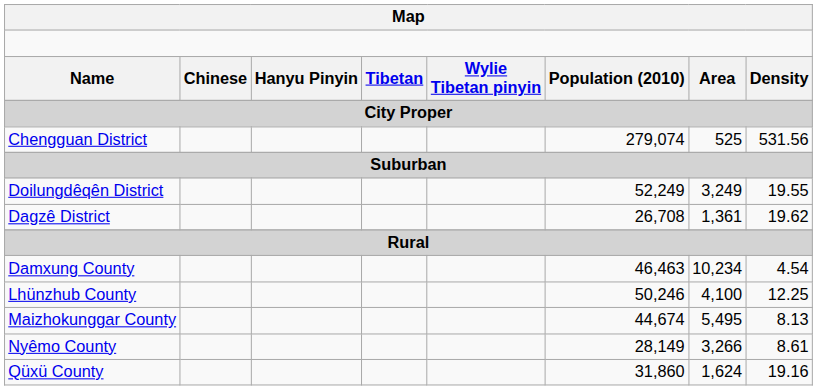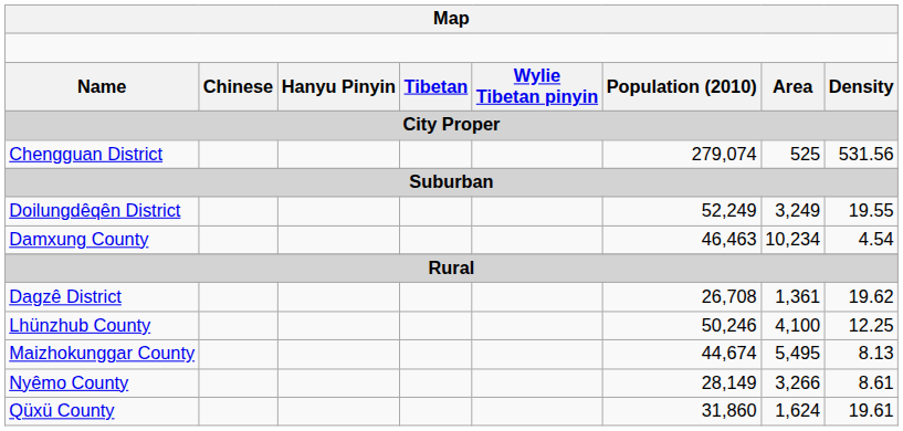 <table class="wikitable">
 <tr>
 <th colspan="8">Map</th>
 </tr>
 <tr>
 <td colspan="8"><div><br>             </div></td>
 </tr>
 <tr>
 <th>Name</th>
 <th>Chinese</th>
 <th>Hanyu Pinyin</th>
 <th><a href='#'>Tibetan</a></th>
 <th><a href='#'>Wylie</a><br><a href='#'>Tibetan pinyin</a></th>
 <th>Population (2010)</th>
 <th>Area </th>
 <th>Density </th>
 </tr>
 <tr>
 </tr>
 <tr style="background:#d3d3d3;">
 <td colspan="8"  style="text-align:center; "><strong>City Proper</strong></td>
 </tr>
 <tr>
 <td><a href='#'>Chengguan District</a></td>
 <td></td>
 <td></td>
 <td></td>
 <td><br></td>
 <td style="text-align:right">279,074</td>
 <td style="text-align:right">525</td>
 <td style="text-align:right">531.56</td>
 </tr>
 <tr>
 </tr>
 <tr style="background:#d3d3d3;">
 <td colspan="8"  style="text-align:center; "><strong>Suburban</strong></td>
 </tr>
 <tr>
 <td><a href='#'>Doilungdêqên District</a></td>
 <td></td>
 <td></td>
 <td></td>
 <td><br></td>
 <td style="text-align:right">52,249</td>
 <td style="text-align:right">3,249</td>
 <td style="text-align:right">19.55</td>
 </tr>
 <tr>
+<td><a href='#'>Damxung County</a></td>
+<td></td>
+<td></td>
+<td></td>
+<td><br></td>
+<td style="text-align:right">46,463</td>
+<td style="text-align:right">10,234</td>
+<td style="text-align:right">4.54</td>
+</tr>
+<tr>
+</tr>
+<tr style="background:#d3d3d3;">
+<td colspan="8"  style="text-align:center; "><strong>Rural</strong></td>
+</tr>
+<tr>
 <td><a href='#'>Dagzê District</a></td>
 <td></td>
 <td></td>
 <td></td>
 <td><br></td>
 <td style="text-align:right">26,708</td>
 <td style="text-align:right">1,361</td>
 <td style="text-align:right">19.62</td>
-</tr>
-<tr>
-</tr>
-<tr style="background:#d3d3d3;">
-<td colspan="8"  style="text-align:center; "><strong>Rural</strong></td>
-</tr>
-<tr>
-<td><a href='#'>Damxung County</a></td>
-<td></td>
-<td></td>
-<td></td>
-<td><br></td>
-<td style="text-align:right">46,463</td>
-<td style="text-align:right">10,234</td>
-<td style="text-align:right">4.54</td>
 </tr>
 <tr>
 <td><a href='#'>Lhünzhub County</a></td>
 <td></td>
 <td></td>
 <td></td>
 <td><br></td>
 <td style="text-align:right">50,246</td>
 <td style="text-align:right">4,100</td>
 <td style="text-align:right">12.25</td>
 </tr>
 <tr>
 <td><a href='#'>Maizhokunggar County</a></td>
 <td></td>
 <td></td>
 <td></td>
 <td><br></td>
 <td style="text-align:right">44,674</td>
 <td style="text-align:right">5,495</td>
 <td style="text-align:right">8.13</td>
 </tr>
 <tr>
 <td><a href='#'>Nyêmo County</a></td>
 <td></td>
 <td></td>
 <td></td>
 <td><br></td>
 <td style="text-align:right">28,149</td>
 <td style="text-align:right">3,266</td>
 <td style="text-align:right">8.61</td>
 </tr>
 <tr>
 <td><a href='#'>Qüxü County</a></td>
 <td></td>
 <td></td>
 <td></td>
 <td><br></td>
 <td style="text-align:right">31,860</td>
 <td style="text-align:right">1,624</td>
-<td style="text-align:right">19.16</td>
+<td style="text-align:right">19.61</td>
 </tr>
 </table>
